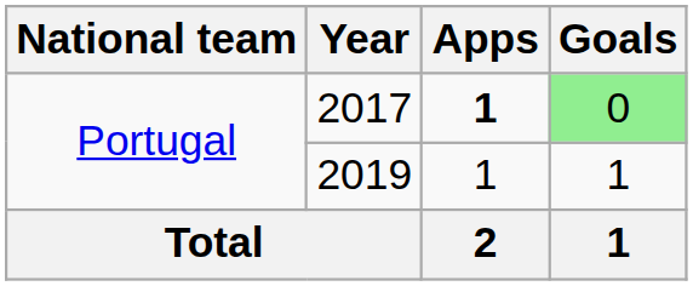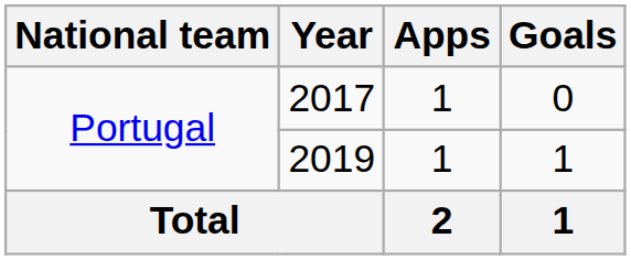 <table class="wikitable" style="text-align:center">
 <tr>
 <th>National team</th>
 <th>Year</th>
 <th>Apps</th>
 <th>Goals</th>
 </tr>
 <tr>
 <td rowspan="2"><a href='#'>Portugal</a></td>
 <td>2017</td>
-<td><strong>1</strong></td>
-<td style="background: lightgreen;">0</td>
+<td>1</td>
+<td>0</td>
 </tr>
 <tr>
 <td>2019</td>
 <td>1</td>
 <td>1</td>
 </tr>
 <tr>
 <th colspan="2">Total</th>
 <th>2</th>
 <th>1</th>
 </tr>
 </table>
